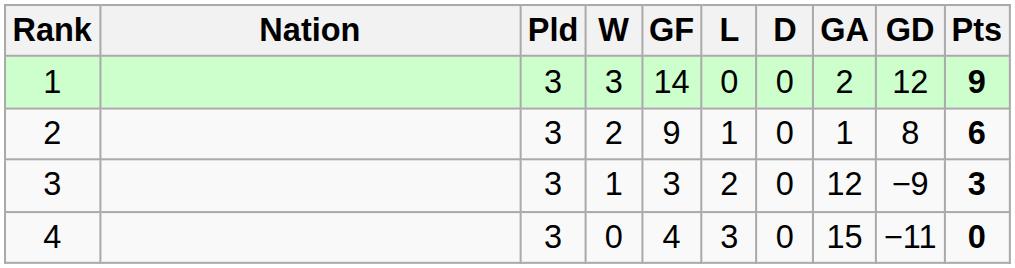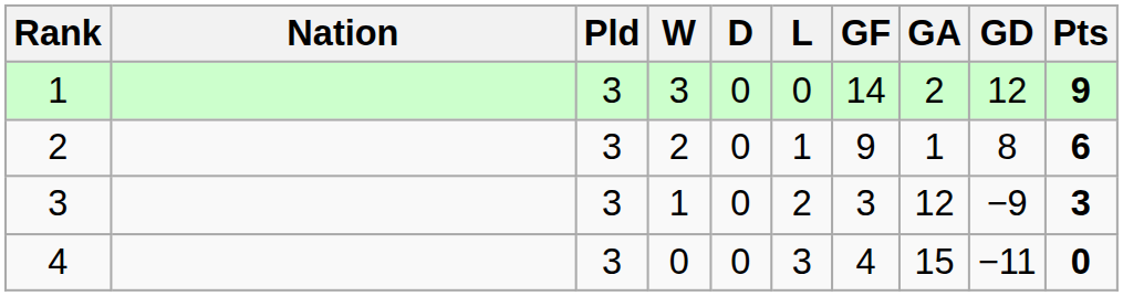 <table class="wikitable" style="text-align: center;">
 <tr>
 <th width=5>Rank</th>
 <th width=200>Nation</th>
 <th width=20>Pld</th>
 <th width=20>W</th>
+<th width=20>D</th>
+<th width=20>L</th>
 <th width=20>GF</th>
-<th width=20>L</th>
-<th width=20>D</th>
 <th width=20>GA</th>
 <th width=20>GD</th>
 <th width=20>Pts</th>
 </tr>
 <tr style="background:#ccffcc">
 <td>1</td>
 <td style="text-align:left"></td>
 <td>3</td>
 <td>3</td>
-<td>14</td>
 <td>0</td>
 <td>0</td>
+<td>14</td>
 <td>2</td>
 <td>12</td>
 <td><strong>9</strong></td>
 </tr>
 <tr>
 <td>2</td>
 <td style="text-align:left"></td>
 <td>3</td>
 <td>2</td>
+<td>0</td>
+<td>1</td>
 <td>9</td>
-<td>1</td>
-<td>0</td>
 <td>1</td>
 <td>8</td>
 <td><strong>6</strong></td>
 </tr>
 <tr>
 <td>3</td>
 <td style="text-align:left"></td>
 <td>3</td>
 <td>1</td>
+<td>0</td>
+<td>2</td>
 <td>3</td>
-<td>2</td>
-<td>0</td>
 <td>12</td>
 <td>−9</td>
 <td><strong>3</strong></td>
 </tr>
 <tr>
 <td>4</td>
 <td style="text-align:left"></td>
 <td>3</td>
 <td>0</td>
+<td>0</td>
+<td>3</td>
 <td>4</td>
-<td>3</td>
-<td>0</td>
 <td>15</td>
 <td>−11</td>
 <td><strong>0</strong></td>
 </tr>
 </table>
